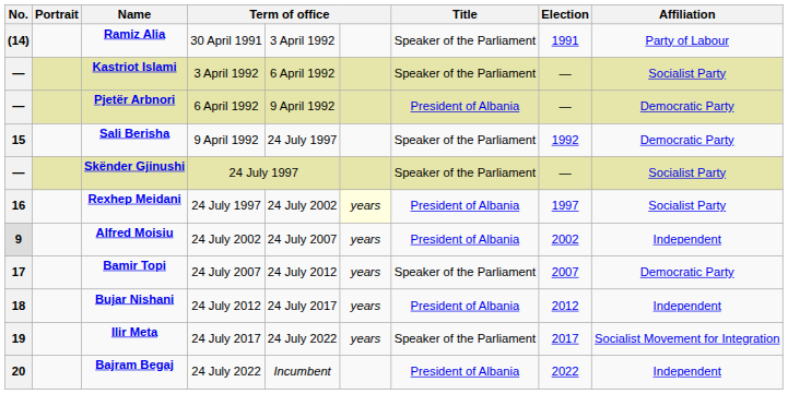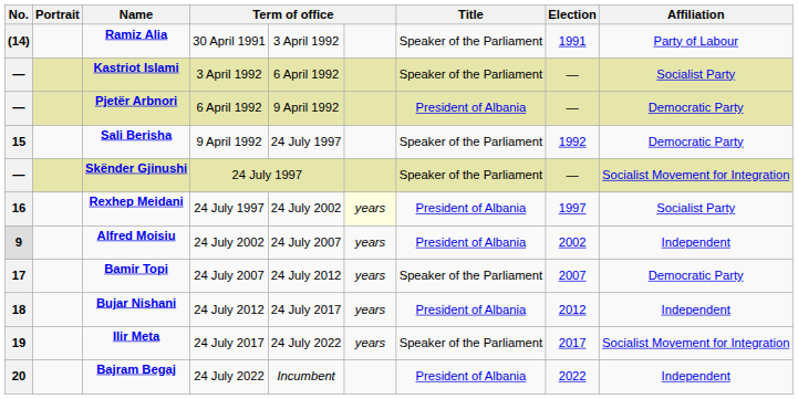 <table class="wikitable" style="text-align:center;">
 <tr>
 <th>No.</th>
 <th>Portrait</th>
 <th>Name</th>
 <th colspan="3">Term of office</th>
 <th>Title</th>
 <th>Election</th>
 <th>Affiliation</th>
 </tr>
 <tr>
 <th style="background:">(14)</th>
 <td></td>
 <td><strong><a href='#'>Ramiz Alia</a></strong><br><br></td>
 <td>30 April 1991</td>
 <td>3 April 1992</td>
 <td width="60px"><em></em></td>
 <td>Speaker of the Parliament</td>
 <td><a href='#'>1991</a></td>
 <td><a href='#'>Party of Labour</a></td>
 </tr>
 <tr style="background:#e6e6aa;">
 <th style="background:">―</th>
 <td></td>
 <td><strong><a href='#'>Kastriot Islami</a></strong><br><br></td>
 <td>3 April 1992</td>
 <td>6 April 1992</td>
 <td><em></em></td>
 <td>Speaker of the Parliament</td>
 <td>―</td>
 <td><a href='#'>Socialist Party</a></td>
 </tr>
 <tr style="background:#e6e6aa;">
 <th style="background:">―</th>
 <td></td>
 <td><strong><a href='#'>Pjetër Arbnori</a></strong><br><br></td>
 <td>6 April 1992</td>
 <td>9 April 1992</td>
 <td><em></em></td>
 <td><a href='#'>President of Albania</a></td>
 <td>―</td>
 <td><a href='#'>Democratic Party</a></td>
 </tr>
 <tr>
 <th style="background:">15</th>
 <td></td>
 <td><strong><a href='#'>Sali Berisha</a></strong><br><br></td>
 <td>9 April 1992</td>
 <td>24 July 1997</td>
 <td><em></em></td>
 <td>Speaker of the Parliament</td>
 <td><a href='#'>1992</a></td>
 <td><a href='#'>Democratic Party</a></td>
 </tr>
 <tr style="background:#e6e6aa;">
 <th style="background:">―</th>
 <td></td>
 <td><strong><a href='#'>Skënder Gjinushi</a></strong><br><br></td>
 <td colspan="2">24 July 1997</td>
 <td><em></em></td>
 <td>Speaker of the Parliament</td>
 <td>―</td>
-<td><a href='#'>Socialist Party</a></td>
+<td><a href='#'>Socialist Movement for Integration</a></td>
 </tr>
 <tr>
 <th style="background:">16</th>
 <td></td>
 <td><strong><a href='#'>Rexhep Meidani</a></strong><br><br></td>
 <td>24 July 1997</td>
 <td>24 July 2002</td>
 <td style="background: lightyellow;"><em> years</em></td>
 <td><a href='#'>President of Albania</a></td>
 <td><a href='#'>1997</a></td>
 <td><a href='#'>Socialist Party</a></td>
 </tr>
 <tr>
 <th style="background:#DDDDDD; ">9</th>
 <td></td>
 <td><strong><a href='#'>Alfred Moisiu</a></strong><br><br></td>
 <td>24 July 2002</td>
 <td>24 July 2007</td>
 <td><em> years</em></td>
 <td><a href='#'>President of Albania</a></td>
 <td><a href='#'>2002</a></td>
 <td><a href='#'>Independent</a></td>
 </tr>
 <tr>
 <th style="background:">17</th>
 <td></td>
 <td><strong><a href='#'>Bamir Topi</a></strong><br><br></td>
 <td>24 July 2007</td>
 <td>24 July 2012</td>
 <td><em> years</em></td>
 <td>Speaker of the Parliament</td>
 <td><a href='#'>2007</a></td>
 <td><a href='#'>Democratic Party</a></td>
 </tr>
 <tr>
 <th style="background:">18</th>
 <td></td>
 <td><strong><a href='#'>Bujar Nishani</a></strong><br><br></td>
 <td>24 July 2012</td>
 <td>24 July 2017</td>
 <td><em> years</em></td>
 <td><a href='#'>President of Albania</a></td>
 <td><a href='#'>2012</a></td>
 <td><a href='#'>Independent</a></td>
 </tr>
 <tr>
 <th style="background:">19</th>
 <td></td>
 <td><strong><a href='#'>Ilir Meta</a></strong><br><br></td>
 <td>24 July 2017</td>
 <td>24 July 2022</td>
 <td><em> years</em></td>
 <td>Speaker of the Parliament</td>
 <td><a href='#'>2017</a></td>
 <td><a href='#'>Socialist Movement for Integration</a></td>
 </tr>
 <tr>
 <th style="background:">20</th>
 <td></td>
 <td><strong><a href='#'>Bajram Begaj</a></strong><br><em></em><br></td>
 <td>24 July 2022</td>
 <td><em>Incumbent</em></td>
 <td><em></em></td>
 <td><a href='#'>President of Albania</a></td>
 <td><a href='#'>2022</a></td>
 <td><a href='#'>Independent</a></td>
 </tr>
 </table>
